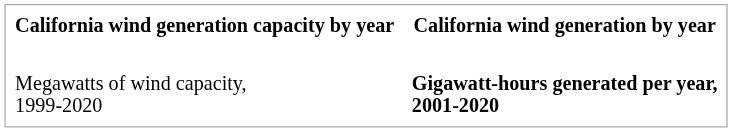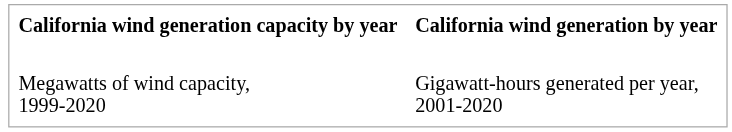 <table style="float:right; margin-left:1em; clear:right; border:solid 1px #aaa;" cellpadding="7" cellspacing="0">
 <tr>
 <th>California wind generation capacity by year</th>
 <th>California wind generation by year</th>
 </tr>
 <tr>
 <td></td>
 <td></td>
 </tr>
 <tr>
 <td>Megawatts of wind capacity,<br>1999-2020</td>
-<td><strong>Gigawatt-hours generated per year,<br>2001-2020</strong></td>
+<td>Gigawatt-hours generated per year,<br>2001-2020</td>
 </tr>
 </table>
